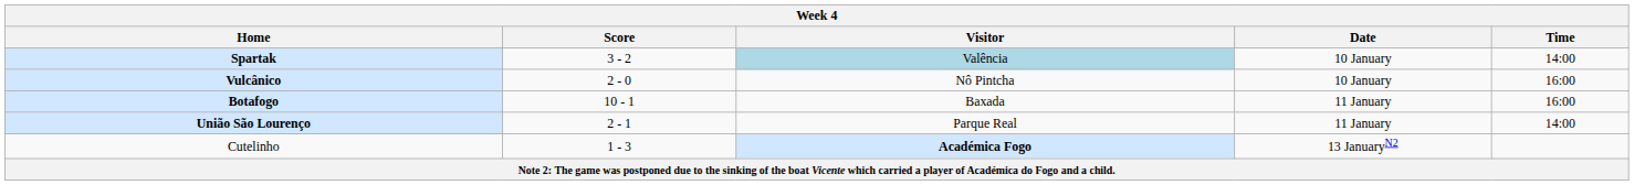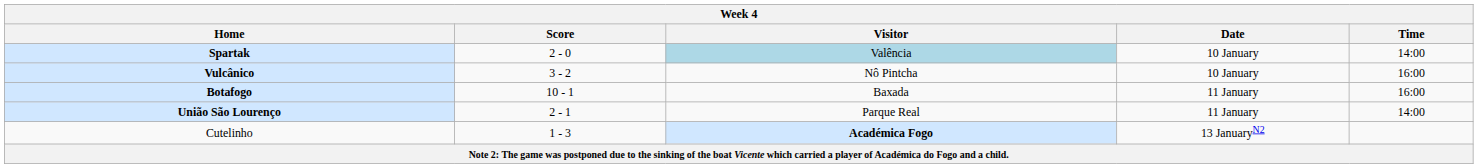 <table class="wikitable" style="margin:1em auto; font-size:95%; text-align: center; width: 95%;">
 <tr>
 <th colspan="12" style="with:100%;">Week 4</th>
 </tr>
 <tr>
 <th style="width:200px;">Home</th>
 <th width="90">Score</th>
 <th style="width:200px;">Visitor</th>
 <th style="width:100px;">Date</th>
 <th style="width:50px;">Time</th>
 </tr>
 <tr>
 <td bgcolor=#D0E7FF><strong>Spartak</strong></td>
-<td>3 - 2</td>
+<td>2 - 0</td>
 <td style="background: lightblue;">Valência</td>
 <td>10 January</td>
 <td>14:00</td>
 </tr>
 <tr>
 <td bgcolor=#D0E7FF><strong>Vulcânico</strong></td>
-<td>2 - 0</td>
+<td>3 - 2</td>
 <td>Nô Pintcha</td>
 <td>10 January</td>
 <td>16:00</td>
 </tr>
 <tr>
 <td bgcolor=#D0E7FF><strong>Botafogo</strong></td>
 <td>10 - 1</td>
 <td>Baxada</td>
 <td>11 January</td>
 <td>16:00</td>
 </tr>
 <tr>
 <td bgcolor=#D0E7FF><strong>União São Lourenço</strong></td>
 <td>2 - 1</td>
 <td>Parque Real</td>
 <td>11 January</td>
 <td>14:00</td>
 </tr>
 <tr>
 <td>Cutelinho</td>
 <td>1 - 3</td>
 <td bgcolor=#D0E7FF><strong>Académica Fogo</strong></td>
 <td>13 January<sup><a href='#'>N2</a></sup></td>
 </tr>
 <tr>
 <th colspan="5"><small><div></div>Note 2: The game was postponed due to the sinking of the boat <em>Vicente</em> which carried a player of Académica do Fogo and a child.</small></th>
 </tr>
 </table>
